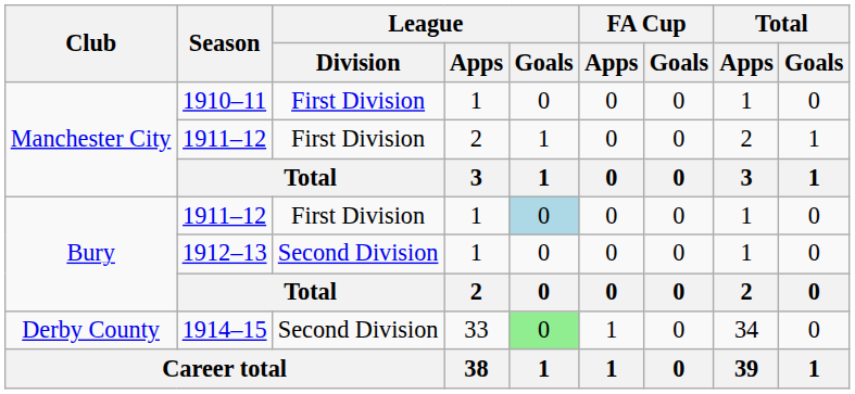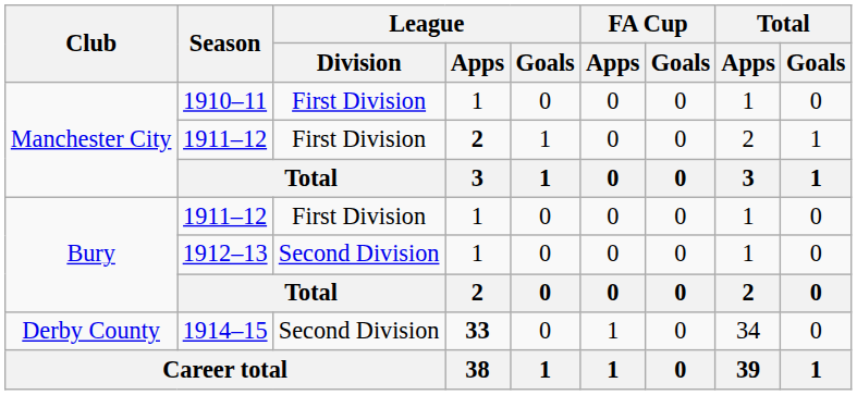 <table class="wikitable" style="text-align: center;">
 <tr>
 <th rowspan="2">Club</th>
 <th rowspan="2">Season</th>
 <th colspan="3">League</th>
 <th colspan="2">FA Cup</th>
 <th colspan="2">Total</th>
 </tr>
 <tr>
 <th>Division</th>
 <th>Apps</th>
 <th>Goals</th>
 <th>Apps</th>
 <th>Goals</th>
 <th>Apps</th>
 <th>Goals</th>
 </tr>
 <tr>
 <td rowspan="3"><a href='#'>Manchester City</a></td>
 <td><a href='#'>1910–11</a></td>
 <td><a href='#'>First Division</a></td>
 <td>1</td>
 <td>0</td>
 <td>0</td>
 <td>0</td>
 <td>1</td>
 <td>0</td>
 </tr>
 <tr>
 <td><a href='#'>1911–12</a></td>
 <td>First Division</td>
-<td>2</td>
+<td><strong>2</strong></td>
 <td>1</td>
 <td>0</td>
 <td>0</td>
 <td>2</td>
 <td>1</td>
 </tr>
 <tr>
 <th colspan="2">Total</th>
 <th>3</th>
 <th>1</th>
 <th>0</th>
 <th>0</th>
 <th>3</th>
 <th>1</th>
 </tr>
 <tr>
 <td rowspan="3"><a href='#'>Bury</a></td>
 <td><a href='#'>1911–12</a></td>
 <td>First Division</td>
 <td>1</td>
-<td style="background: lightblue;">0</td>
+<td>0</td>
 <td>0</td>
 <td>0</td>
 <td>1</td>
 <td>0</td>
 </tr>
 <tr>
 <td><a href='#'>1912–13</a></td>
 <td><a href='#'>Second Division</a></td>
 <td>1</td>
 <td>0</td>
 <td>0</td>
 <td>0</td>
 <td>1</td>
 <td>0</td>
 </tr>
 <tr>
 <th colspan="2">Total</th>
 <th>2</th>
 <th>0</th>
 <th>0</th>
 <th>0</th>
 <th>2</th>
 <th>0</th>
 </tr>
 <tr>
 <td><a href='#'>Derby County</a></td>
 <td><a href='#'>1914–15</a></td>
 <td>Second Division</td>
-<td>33</td>
-<td style="background: lightgreen;">0</td>
+<td><strong>33</strong></td>
+<td>0</td>
 <td>1</td>
 <td>0</td>
 <td>34</td>
 <td>0</td>
 </tr>
 <tr>
 <th colspan="3">Career total</th>
 <th>38</th>
 <th>1</th>
 <th>1</th>
 <th>0</th>
 <th>39</th>
 <th>1</th>
 </tr>
 </table>
